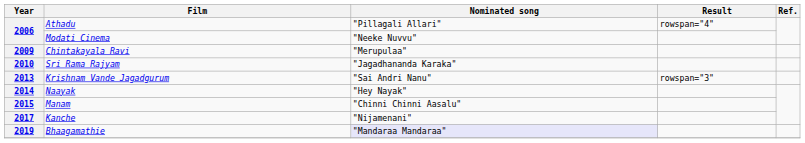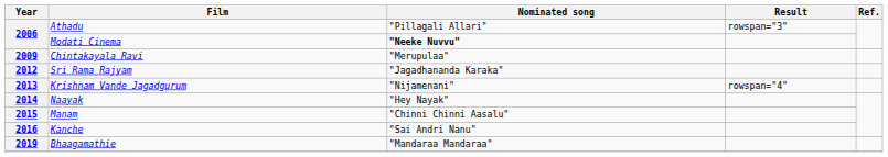 <table class="wikitable plainrowheaders" width="100%" textcolor:#000;">
 <tr>
 <th scope="col" width=5%><strong>Year</strong></th>
 <th scope="col" width=39%><strong>Film</strong></th>
 <th scope="col" width=39%><strong>Nominated song</strong></th>
 <th scope="col" width=15%><strong>Result</strong></th>
 <th scope="col" width=2%><strong>Ref.</strong></th>
 </tr>
 <tr>
 <th scope="row" rowspan="2"><a href='#'>2006</a></th>
 <td><em><a href='#'>Athadu</a></em></td>
 <td>"Pillagali Allari"</td>
-<td>rowspan="4" </td>
+<td>rowspan="3" </td>
 <td rowspan="2"></td>
 </tr>
 <tr>
 <td><em><a href='#'>Modati Cinema</a></em></td>
-<td>"Neeke Nuvvu"</td>
+<td><strong>"Neeke Nuvvu"</strong></td>
 </tr>
 <tr>
 <th scope="row"><a href='#'>2009</a></th>
 <td><em><a href='#'>Chintakayala Ravi</a></em></td>
 <td>"Merupulaa"</td>
 <td></td>
 </tr>
 <tr>
-<th scope="row"><a href='#'>2010</a></th>
+<th scope="row"><a href='#'>2012</a></th>
 <td><em><a href='#'>Sri Rama Rajyam</a></em></td>
 <td>"Jagadhananda Karaka"</td>
 <td></td>
 <td></td>
 </tr>
 <tr>
 <th scope="row"><a href='#'>2013</a></th>
 <td><em><a href='#'>Krishnam Vande Jagadgurum</a></em></td>
-<td>"Sai Andri Nanu"</td>
-<td>rowspan="3" </td>
+<td>"Nijamenani"</td>
+<td>rowspan="4" </td>
 <td></td>
 </tr>
 <tr>
 <th scope="row"><a href='#'>2014</a></th>
 <td><em><a href='#'>Naayak</a></em></td>
 <td>"Hey Nayak"</td>
 <td></td>
 </tr>
 <tr>
 <th scope="row"><a href='#'>2015</a></th>
 <td><em><a href='#'>Manam</a></em></td>
 <td>"Chinni Chinni Aasalu"</td>
 <td></td>
 </tr>
 <tr>
-<th scope="row"><a href='#'>2017</a></th>
+<th scope="row"><a href='#'>2016</a></th>
 <td><em><a href='#'>Kanche</a></em></td>
-<td>"Nijamenani"</td>
+<td>"Sai Andri Nanu"</td>
 <td></td>
 </tr>
 <tr>
 <th scope="row"><a href='#'>2019</a></th>
 <td><em><a href='#'>Bhaagamathie</a></em></td>
-<td style="background: lavender;">"Mandaraa Mandaraa"</td>
+<td>"Mandaraa Mandaraa"</td>
 <td></td>
 <td></td>
 </tr>
 <tr>
 </tr>
 </table>
